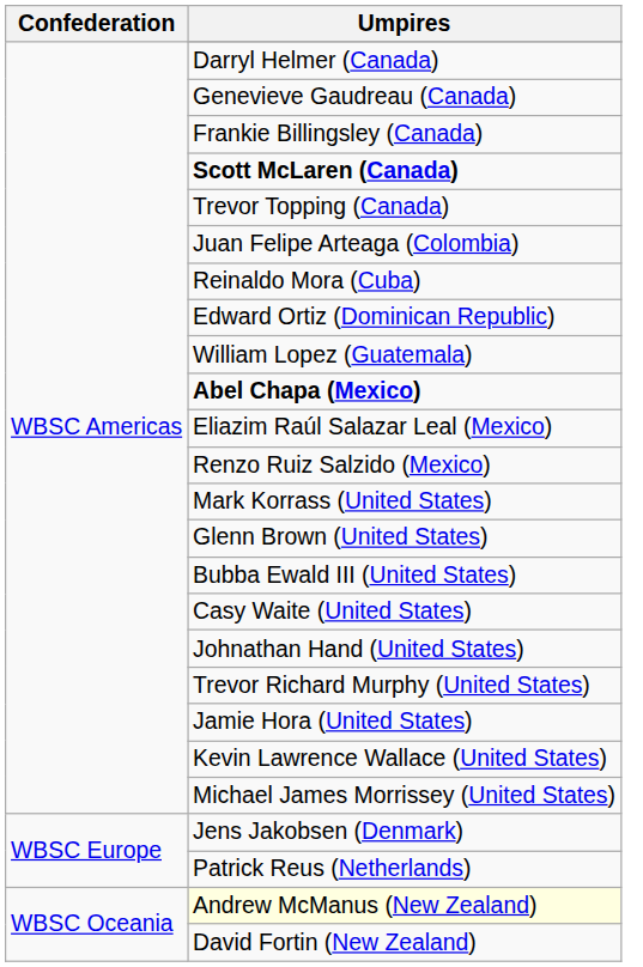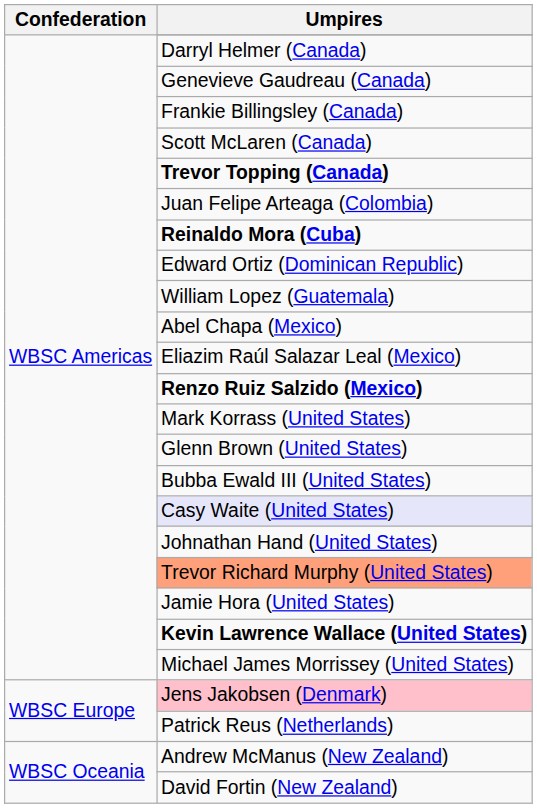 <table class="wikitable">
 <tr>
 <th>Confederation</th>
 <th>Umpires</th>
 </tr>
 <tr>
 <td rowspan="22"><a href='#'>WBSC Americas</a></td>
 </tr>
 <tr>
 <td>Darryl Helmer (<a href='#'>Canada</a>)</td>
 </tr>
 <tr>
 <td>Genevieve Gaudreau (<a href='#'>Canada</a>)</td>
 </tr>
 <tr>
 <td>Frankie Billingsley (<a href='#'>Canada</a>)</td>
 </tr>
 <tr>
-<td><strong>Scott McLaren (<a href='#'>Canada</a>)</strong></td>
+<td>Scott McLaren (<a href='#'>Canada</a>)</td>
 </tr>
 <tr>
-<td>Trevor Topping (<a href='#'>Canada</a>)</td>
+<td><strong>Trevor Topping (<a href='#'>Canada</a>)</strong></td>
 </tr>
 <tr>
 <td>Juan Felipe Arteaga (<a href='#'>Colombia</a>)</td>
 </tr>
 <tr>
-<td>Reinaldo Mora (<a href='#'>Cuba</a>)</td>
+<td><strong>Reinaldo Mora (<a href='#'>Cuba</a>)</strong></td>
 </tr>
 <tr>
 <td>Edward Ortiz (<a href='#'>Dominican Republic</a>)</td>
 </tr>
 <tr>
 <td>William Lopez (<a href='#'>Guatemala</a>)</td>
 </tr>
 <tr>
-<td><strong>Abel Chapa (<a href='#'>Mexico</a>)</strong></td>
+<td>Abel Chapa (<a href='#'>Mexico</a>)</td>
 </tr>
 <tr>
 <td>Eliazim Raúl Salazar Leal (<a href='#'>Mexico</a>)</td>
 </tr>
 <tr>
-<td>Renzo Ruiz Salzido (<a href='#'>Mexico</a>)</td>
+<td><strong>Renzo Ruiz Salzido (<a href='#'>Mexico</a>)</strong></td>
 </tr>
 <tr>
 <td>Mark Korrass (<a href='#'>United States</a>)</td>
 </tr>
 <tr>
 <td>Glenn Brown (<a href='#'>United States</a>)</td>
 </tr>
 <tr>
 <td>Bubba Ewald III (<a href='#'>United States</a>)</td>
 </tr>
 <tr>
-<td>Casy Waite (<a href='#'>United States</a>)</td>
+<td style="background: lavender;">Casy Waite (<a href='#'>United States</a>)</td>
 </tr>
 <tr>
 <td>Johnathan Hand (<a href='#'>United States</a>)</td>
 </tr>
 <tr>
-<td>Trevor Richard Murphy (<a href='#'>United States</a>)</td>
+<td style="background: lightsalmon;">Trevor Richard Murphy (<a href='#'>United States</a>)</td>
 </tr>
 <tr>
 <td>Jamie Hora (<a href='#'>United States</a>)</td>
 </tr>
 <tr>
-<td>Kevin Lawrence Wallace (<a href='#'>United States</a>)</td>
+<td><strong>Kevin Lawrence Wallace (<a href='#'>United States</a>)</strong></td>
 </tr>
 <tr>
 <td>Michael James Morrissey (<a href='#'>United States</a>)</td>
 </tr>
 <tr>
 <td rowspan="2"><a href='#'>WBSC Europe</a></td>
-<td>Jens Jakobsen (<a href='#'>Denmark</a>)</td>
+<td style="background: pink;">Jens Jakobsen (<a href='#'>Denmark</a>)</td>
 </tr>
 <tr>
 <td>Patrick Reus (<a href='#'>Netherlands</a>)</td>
 </tr>
 <tr>
 <td rowspan="2"><a href='#'>WBSC Oceania</a></td>
-<td style="background: lightyellow;">Andrew McManus (<a href='#'>New Zealand</a>)</td>
+<td>Andrew McManus (<a href='#'>New Zealand</a>)</td>
 </tr>
 <tr>
 <td>David Fortin (<a href='#'>New Zealand</a>)</td>
 </tr>
 </table>
